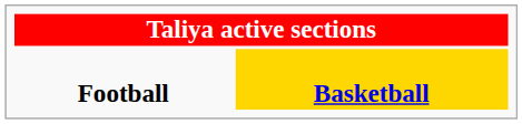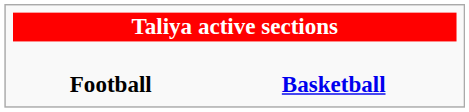 <table class="infobox" style="width: 20em; font-size: 95%em;">
 <tr style="color:white; background:#FF0000; text-align:center;">
 <th colspan="3">Taliya active sections</th>
 </tr>
 <tr style="text-align: center">
 <td><br><strong>Football</strong></td>
-<td style="background: gold;"><br><strong><a href='#'>Basketball</a></strong></td>
+<td><br><strong><a href='#'>Basketball</a></strong></td>
 </tr>
 </table>
